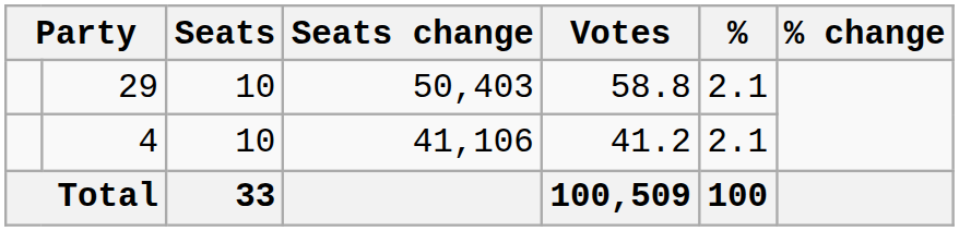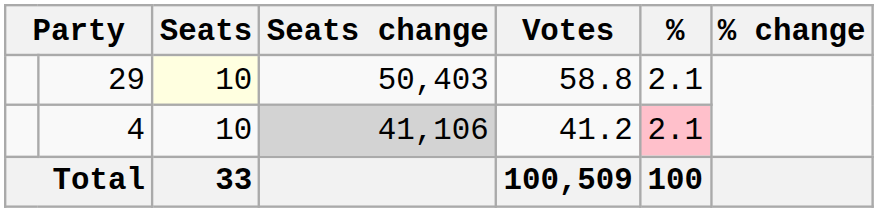 <table class="wikitable sortable">
 <tr>
 <th colspan=2>Party</th>
 <th>Seats</th>
 <th>Seats change</th>
 <th>Votes</th>
 <th>%</th>
 <th>% change</th>
 </tr>
 <tr>
 <td></td>
 <td align=right>29</td>
-<td align=right>10</td>
+<td align=right style="background: lightyellow;">10</td>
 <td align=right>50,403</td>
 <td align=right>58.8</td>
 <td align=right>2.1</td>
 </tr>
 <tr>
 <td></td>
 <td align=right>4</td>
 <td align=right>10</td>
-<td align=right>41,106</td>
+<td align=right style="background: lightgrey;">41,106</td>
 <td align=right>41.2</td>
-<td align=right>2.1</td>
+<td align=right style="background: pink;">2.1</td>
 </tr>
 <tr class="sortbottom" style="font-weight: bold; text-align: right; background: #f2f2f2;">
 <th colspan="2" style="padding-left: 1.5em; text-align: left;">Total</th>
 <td align=right>33</td>
 <td align=right></td>
 <td align=right>100,509</td>
 <td align=right>100</td>
 <td align=right></td>
 </tr>
 </table>
